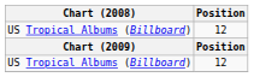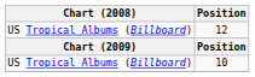 <table class="wikitable plainrowheaders" style="text-align:center;">
 <tr>
 <th scope="col">Chart (2008)</th>
 <th scope="col">Position</th>
 </tr>
 <tr>
 <td>US <a href='#'>Tropical Albums</a> (<em><a href='#'>Billboard</a></em>)</td>
 <td style="text-align:center;">12</td>
 </tr>
 <tr>
 <th scope="col">Chart (2009)</th>
 <th scope="col">Position</th>
 </tr>
 <tr>
 <td>US <a href='#'>Tropical Albums</a> (<em><a href='#'>Billboard</a></em>)</td>
-<td style="text-align:center;">12</td>
+<td style="text-align:center;">10</td>
 </tr>
 <tr>
 </tr>
 </table>
